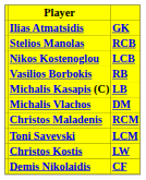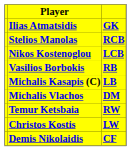 <table class="toccolours" border="0" cellpadding="2" cellspacing="0" align="center" style="margin: 0.5em 0 1em 1em; background: #000000; border: 1px #aaaaaa solid;">
 <tr bgcolor=#FFFF00>
 <th></th>
 <th>Player</th>
 <th></th>
 </tr>
 <tr bgcolor=#FFFF00>
 <td></td>
 <td><a href='#'><span><strong>Ilias Atmatsidis</strong></span></a></td>
 <td><a href='#'><strong>GK</strong></a></td>
 </tr>
 <tr bgcolor=#FFFF00>
 <td></td>
 <td><a href='#'><span><strong>Stelios Manolas</strong></span></a></td>
 <td><a href='#'><strong>RCB</strong></a></td>
 </tr>
 <tr bgcolor=#FFFF00>
 <td></td>
 <td><a href='#'><span><strong>Nikos Kostenoglou</strong></span></a></td>
 <td><a href='#'><strong>LCB</strong></a></td>
 </tr>
 <tr bgcolor=#FFFF00>
 <td></td>
 <td><a href='#'><span><strong>Vasilios Borbokis</strong></span></a></td>
 <td><a href='#'><strong>RB</strong></a></td>
 </tr>
 <tr bgcolor=#FFFF00>
 <td></td>
 <td><a href='#'><span><strong>Michalis Kasapis</strong></span></a> <strong>(C)</strong></td>
 <td><a href='#'><strong>LB</strong></a></td>
 </tr>
 <tr bgcolor=#FFFF00>
 <td></td>
 <td><a href='#'><span><strong>Michalis Vlachos</strong></span></a></td>
 <td><a href='#'><strong>DM</strong></a></td>
 </tr>
 <tr bgcolor=#FFFF00>
 <td></td>
-<td><a href='#'><span><strong>Christos Maladenis</strong></span></a></td>
-<td><a href='#'><strong>RCM</strong></a></td>
-</tr>
-<tr bgcolor=#FFFF00>
-<td></td>
-<td><a href='#'><span><strong>Toni Savevski</strong></span></a></td>
-<td><a href='#'><strong>LCM</strong></a></td>
+<td><a href='#'><span><strong>Temur Ketsbaia</strong></span></a></td>
+<td><a href='#'><strong>RW</strong></a></td>
 </tr>
 <tr bgcolor=#FFFF00>
 <td></td>
 <td><a href='#'><span><strong>Christos Kostis</strong></span></a></td>
 <td><a href='#'><strong>LW</strong></a></td>
 </tr>
 <tr bgcolor=#FFFF00>
 <td></td>
 <td><a href='#'><span><strong>Demis Nikolaidis</strong></span></a></td>
 <td><a href='#'><strong>CF</strong></a></td>
 </tr>
 </table>
